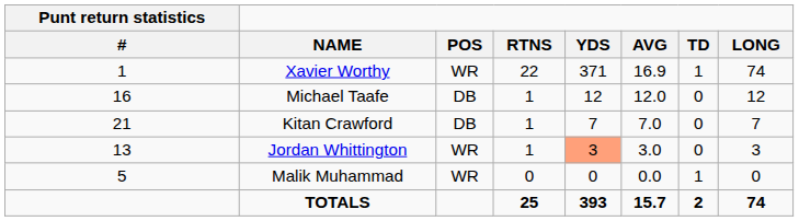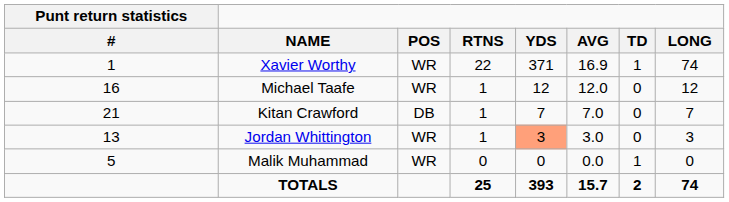 <table style="width:60%; text-align:center;" class="wikitable collapsible collapsed">
 <tr>
 <th style="text-align:center; ">Punt return statistics</th>
 </tr>
 <tr>
 <th>#</th>
 <th>NAME</th>
 <th>POS</th>
 <th>RTNS</th>
 <th>YDS</th>
 <th>AVG</th>
 <th>TD</th>
 <th>LONG</th>
 </tr>
 <tr>
 <td>1</td>
 <td><a href='#'>Xavier Worthy</a></td>
 <td>WR</td>
 <td>22</td>
 <td>371</td>
 <td>16.9</td>
 <td>1</td>
 <td>74</td>
 </tr>
 <tr>
 <td>16</td>
 <td>Michael Taafe</td>
-<td>DB</td>
+<td>WR</td>
 <td>1</td>
 <td>12</td>
 <td>12.0</td>
 <td>0</td>
 <td>12</td>
 </tr>
 <tr>
 <td>21</td>
 <td>Kitan Crawford</td>
 <td>DB</td>
 <td>1</td>
 <td>7</td>
 <td>7.0</td>
 <td>0</td>
 <td>7</td>
 </tr>
 <tr>
 <td>13</td>
 <td><a href='#'>Jordan Whittington</a></td>
 <td>WR</td>
 <td>1</td>
 <td style="background: lightsalmon;">3</td>
 <td>3.0</td>
 <td>0</td>
 <td>3</td>
 </tr>
 <tr>
 <td>5</td>
 <td>Malik Muhammad</td>
 <td>WR</td>
 <td>0</td>
 <td>0</td>
 <td>0.0</td>
 <td>1</td>
 <td>0</td>
 </tr>
 <tr>
 <td></td>
 <td><strong>TOTALS</strong></td>
 <td></td>
 <td><strong>25</strong></td>
 <td><strong>393</strong></td>
 <td><strong>15.7</strong></td>
 <td><strong>2</strong></td>
 <td><strong>74</strong></td>
 </tr>
 </table>
